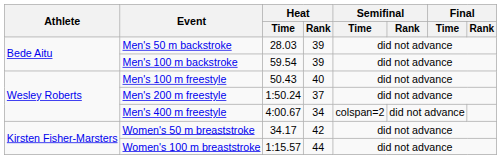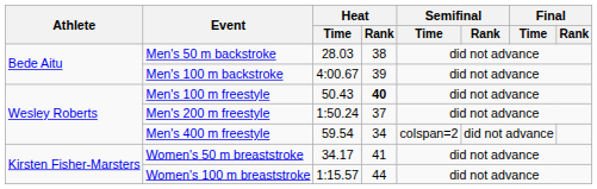 <table class=wikitable style="font-size:90%; text-align:center">
 <tr>
 <th rowspan="2">Athlete</th>
 <th rowspan="2">Event</th>
 <th colspan="2">Heat</th>
 <th colspan="2">Semifinal</th>
 <th colspan="2">Final</th>
 </tr>
 <tr style="font-size:95%">
 <th>Time</th>
 <th>Rank</th>
 <th>Time</th>
 <th>Rank</th>
 <th>Time</th>
 <th>Rank</th>
 </tr>
 <tr>
 <td align=left rowspan=2><a href='#'>Bede Aitu</a></td>
 <td align=left><a href='#'>Men's 50 m backstroke</a></td>
 <td>28.03</td>
-<td>39</td>
+<td>38</td>
 <td colspan=4>did not advance</td>
 </tr>
 <tr>
 <td align=left><a href='#'>Men's 100 m backstroke</a></td>
-<td>59.54</td>
+<td>4:00.67</td>
 <td>39</td>
 <td colspan=4>did not advance</td>
 </tr>
 <tr>
 <td align=left rowspan=3><a href='#'>Wesley Roberts</a></td>
 <td align=left><a href='#'>Men's 100 m freestyle</a></td>
 <td>50.43</td>
-<td>40</td>
+<td><strong>40</strong></td>
 <td colspan=4>did not advance</td>
 </tr>
 <tr>
 <td align=left><a href='#'>Men's 200 m freestyle</a></td>
 <td>1:50.24</td>
 <td>37</td>
 <td colspan=4>did not advance</td>
 </tr>
 <tr>
 <td align=left><a href='#'>Men's 400 m freestyle</a></td>
-<td>4:00.67</td>
+<td>59.54</td>
 <td>34</td>
 <td>colspan=2 </td>
 <td colspan=2>did not advance</td>
 </tr>
 <tr>
 <td align=left rowspan=2><a href='#'>Kirsten Fisher-Marsters</a></td>
 <td align=left><a href='#'>Women's 50 m breaststroke</a></td>
 <td>34.17</td>
-<td>42</td>
+<td>41</td>
 <td colspan=4>did not advance</td>
 </tr>
 <tr>
 <td align=left><a href='#'>Women's 100 m breaststroke</a></td>
 <td>1:15.57</td>
 <td>44</td>
 <td colspan=4>did not advance</td>
 </tr>
 </table>
